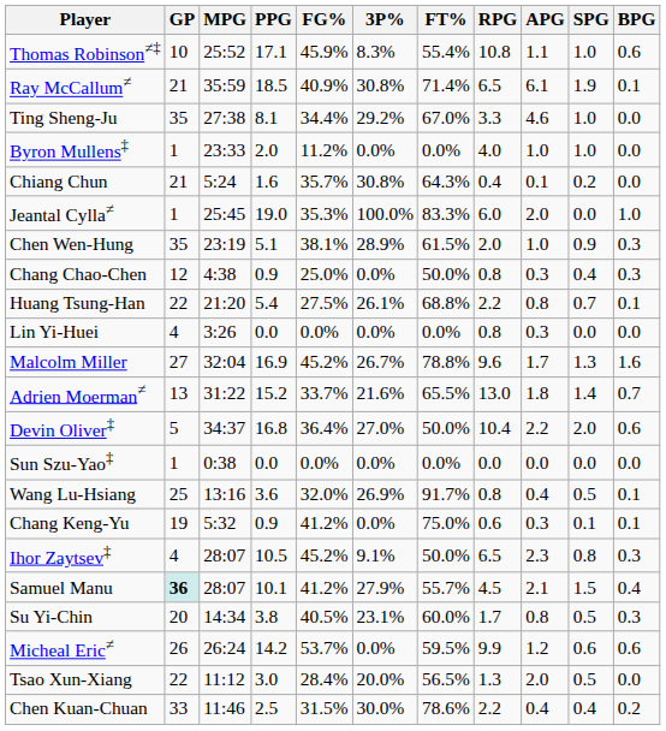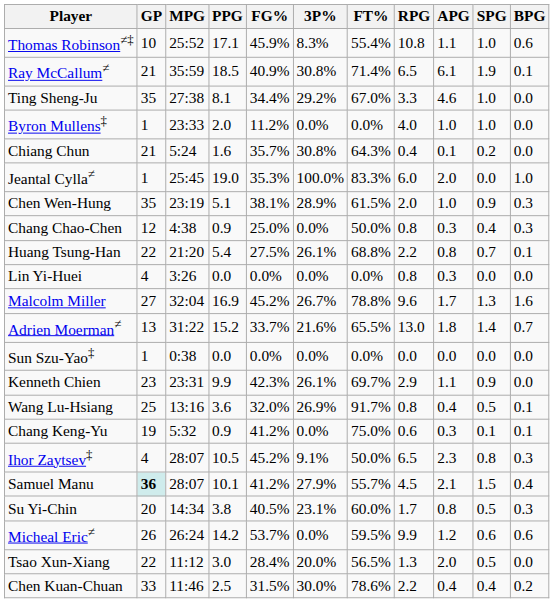 <table class="wikitable">
 <tr>
 <th>Player</th>
 <th>GP</th>
 <th>MPG</th>
 <th>PPG</th>
 <th>FG%</th>
 <th>3P%</th>
 <th>FT%</th>
 <th>RPG</th>
 <th>APG</th>
 <th>SPG</th>
 <th>BPG</th>
 </tr>
 <tr>
 <td><a href='#'>Thomas Robinson</a><sup>≠‡</sup></td>
 <td>10</td>
 <td>25:52</td>
 <td>17.1</td>
 <td>45.9%</td>
 <td>8.3%</td>
 <td>55.4%</td>
 <td>10.8</td>
 <td>1.1</td>
 <td>1.0</td>
 <td>0.6</td>
 </tr>
 <tr>
 <td><a href='#'>Ray McCallum</a><sup>≠</sup></td>
 <td>21</td>
 <td>35:59</td>
 <td>18.5</td>
 <td>40.9%</td>
 <td>30.8%</td>
 <td>71.4%</td>
 <td>6.5</td>
 <td>6.1</td>
 <td>1.9</td>
 <td>0.1</td>
 </tr>
 <tr>
 <td>Ting Sheng-Ju</td>
 <td>35</td>
 <td>27:38</td>
 <td>8.1</td>
 <td>34.4%</td>
 <td>29.2%</td>
 <td>67.0%</td>
 <td>3.3</td>
 <td>4.6</td>
 <td>1.0</td>
 <td>0.0</td>
 </tr>
 <tr>
 <td><a href='#'>Byron Mullens</a><sup>‡</sup></td>
 <td>1</td>
 <td>23:33</td>
 <td>2.0</td>
 <td>11.2%</td>
 <td>0.0%</td>
 <td>0.0%</td>
 <td>4.0</td>
 <td>1.0</td>
 <td>1.0</td>
 <td>0.0</td>
 </tr>
 <tr>
 <td>Chiang Chun</td>
 <td>21</td>
 <td>5:24</td>
 <td>1.6</td>
 <td>35.7%</td>
 <td>30.8%</td>
 <td>64.3%</td>
 <td>0.4</td>
 <td>0.1</td>
 <td>0.2</td>
 <td>0.0</td>
 </tr>
 <tr>
 <td>Jeantal Cylla<sup>≠</sup></td>
 <td>1</td>
 <td>25:45</td>
 <td>19.0</td>
 <td>35.3%</td>
 <td>100.0%</td>
 <td>83.3%</td>
 <td>6.0</td>
 <td>2.0</td>
 <td>0.0</td>
 <td>1.0</td>
 </tr>
 <tr>
 <td>Chen Wen-Hung</td>
 <td>35</td>
 <td>23:19</td>
 <td>5.1</td>
 <td>38.1%</td>
 <td>28.9%</td>
 <td>61.5%</td>
 <td>2.0</td>
 <td>1.0</td>
 <td>0.9</td>
 <td>0.3</td>
 </tr>
 <tr>
 <td>Chang Chao-Chen</td>
 <td>12</td>
 <td>4:38</td>
 <td>0.9</td>
 <td>25.0%</td>
 <td>0.0%</td>
 <td>50.0%</td>
 <td>0.8</td>
 <td>0.3</td>
 <td>0.4</td>
 <td>0.3</td>
 </tr>
 <tr>
 <td>Huang Tsung-Han</td>
 <td>22</td>
 <td>21:20</td>
 <td>5.4</td>
 <td>27.5%</td>
 <td>26.1%</td>
 <td>68.8%</td>
 <td>2.2</td>
 <td>0.8</td>
 <td>0.7</td>
 <td>0.1</td>
 </tr>
 <tr>
 <td>Lin Yi-Huei</td>
 <td>4</td>
 <td>3:26</td>
 <td>0.0</td>
 <td>0.0%</td>
 <td>0.0%</td>
 <td>0.0%</td>
 <td>0.8</td>
 <td>0.3</td>
 <td>0.0</td>
 <td>0.0</td>
 </tr>
 <tr>
 <td><a href='#'>Malcolm Miller</a></td>
 <td>27</td>
 <td>32:04</td>
 <td>16.9</td>
 <td>45.2%</td>
 <td>26.7%</td>
 <td>78.8%</td>
 <td>9.6</td>
 <td>1.7</td>
 <td>1.3</td>
 <td>1.6</td>
 </tr>
 <tr>
 <td><a href='#'>Adrien Moerman</a><sup>≠</sup></td>
 <td>13</td>
 <td>31:22</td>
 <td>15.2</td>
 <td>33.7%</td>
 <td>21.6%</td>
 <td>65.5%</td>
 <td>13.0</td>
 <td>1.8</td>
 <td>1.4</td>
 <td>0.7</td>
 </tr>
 <tr>
-<td><a href='#'>Devin Oliver</a><sup>‡</sup></td>
-<td>5</td>
-<td>34:37</td>
-<td>16.8</td>
-<td>36.4%</td>
-<td>27.0%</td>
-<td>50.0%</td>
-<td>10.4</td>
-<td>2.2</td>
-<td>2.0</td>
-<td>0.6</td>
-</tr>
-<tr>
 <td>Sun Szu-Yao<sup>‡</sup></td>
 <td>1</td>
 <td>0:38</td>
 <td>0.0</td>
 <td>0.0%</td>
 <td>0.0%</td>
 <td>0.0%</td>
 <td>0.0</td>
 <td>0.0</td>
 <td>0.0</td>
+<td>0.0</td>
+</tr>
+<tr>
+<td>Kenneth Chien</td>
+<td>23</td>
+<td>23:31</td>
+<td>9.9</td>
+<td>42.3%</td>
+<td>26.1%</td>
+<td>69.7%</td>
+<td>2.9</td>
+<td>1.1</td>
+<td>0.9</td>
 <td>0.0</td>
 </tr>
 <tr>
 <td>Wang Lu-Hsiang</td>
 <td>25</td>
 <td>13:16</td>
 <td>3.6</td>
 <td>32.0%</td>
 <td>26.9%</td>
 <td>91.7%</td>
 <td>0.8</td>
 <td>0.4</td>
 <td>0.5</td>
 <td>0.1</td>
 </tr>
 <tr>
 <td>Chang Keng-Yu</td>
 <td>19</td>
 <td>5:32</td>
 <td>0.9</td>
 <td>41.2%</td>
 <td>0.0%</td>
 <td>75.0%</td>
 <td>0.6</td>
 <td>0.3</td>
 <td>0.1</td>
 <td>0.1</td>
 </tr>
 <tr>
 <td><a href='#'>Ihor Zaytsev</a><sup>‡</sup></td>
 <td>4</td>
 <td>28:07</td>
 <td>10.5</td>
 <td>45.2%</td>
 <td>9.1%</td>
 <td>50.0%</td>
 <td>6.5</td>
 <td>2.3</td>
 <td>0.8</td>
 <td>0.3</td>
 </tr>
 <tr>
 <td>Samuel Manu</td>
 <td style="background-color: #CFECEC"><strong>36</strong></td>
 <td>28:07</td>
 <td>10.1</td>
 <td>41.2%</td>
 <td>27.9%</td>
 <td>55.7%</td>
 <td>4.5</td>
 <td>2.1</td>
 <td>1.5</td>
 <td>0.4</td>
 </tr>
 <tr>
 <td>Su Yi-Chin</td>
 <td>20</td>
 <td>14:34</td>
 <td>3.8</td>
 <td>40.5%</td>
 <td>23.1%</td>
 <td>60.0%</td>
 <td>1.7</td>
 <td>0.8</td>
 <td>0.5</td>
 <td>0.3</td>
 </tr>
 <tr>
 <td><a href='#'>Micheal Eric</a><sup>≠</sup></td>
 <td>26</td>
 <td>26:24</td>
 <td>14.2</td>
 <td>53.7%</td>
 <td>0.0%</td>
 <td>59.5%</td>
 <td>9.9</td>
 <td>1.2</td>
 <td>0.6</td>
 <td>0.6</td>
 </tr>
 <tr>
 <td>Tsao Xun-Xiang</td>
 <td>22</td>
 <td>11:12</td>
 <td>3.0</td>
 <td>28.4%</td>
 <td>20.0%</td>
 <td>56.5%</td>
 <td>1.3</td>
 <td>2.0</td>
 <td>0.5</td>
 <td>0.0</td>
 </tr>
 <tr>
 <td>Chen Kuan-Chuan</td>
 <td>33</td>
 <td>11:46</td>
 <td>2.5</td>
 <td>31.5%</td>
 <td>30.0%</td>
 <td>78.6%</td>
 <td>2.2</td>
 <td>0.4</td>
 <td>0.4</td>
 <td>0.2</td>
 </tr>
 </table>
